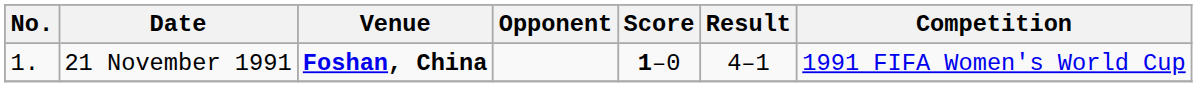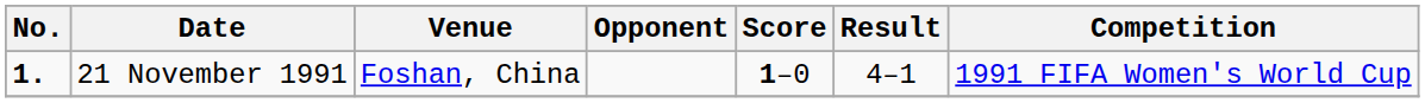 <table class="wikitable">
 <tr>
 <th>No.</th>
 <th>Date</th>
 <th>Venue</th>
 <th>Opponent</th>
 <th>Score</th>
 <th>Result</th>
 <th>Competition</th>
 </tr>
 <tr>
-<td>1.</td>
+<td><strong>1.</strong></td>
 <td>21 November 1991</td>
-<td><strong><a href='#'>Foshan</a>, China</strong></td>
+<td><a href='#'>Foshan</a>, China</td>
 <td></td>
 <td align=center><strong>1</strong>–0</td>
 <td align=center>4–1</td>
 <td><a href='#'>1991 FIFA Women's World Cup</a></td>
 </tr>
 <tr>
 </tr>
 </table>
